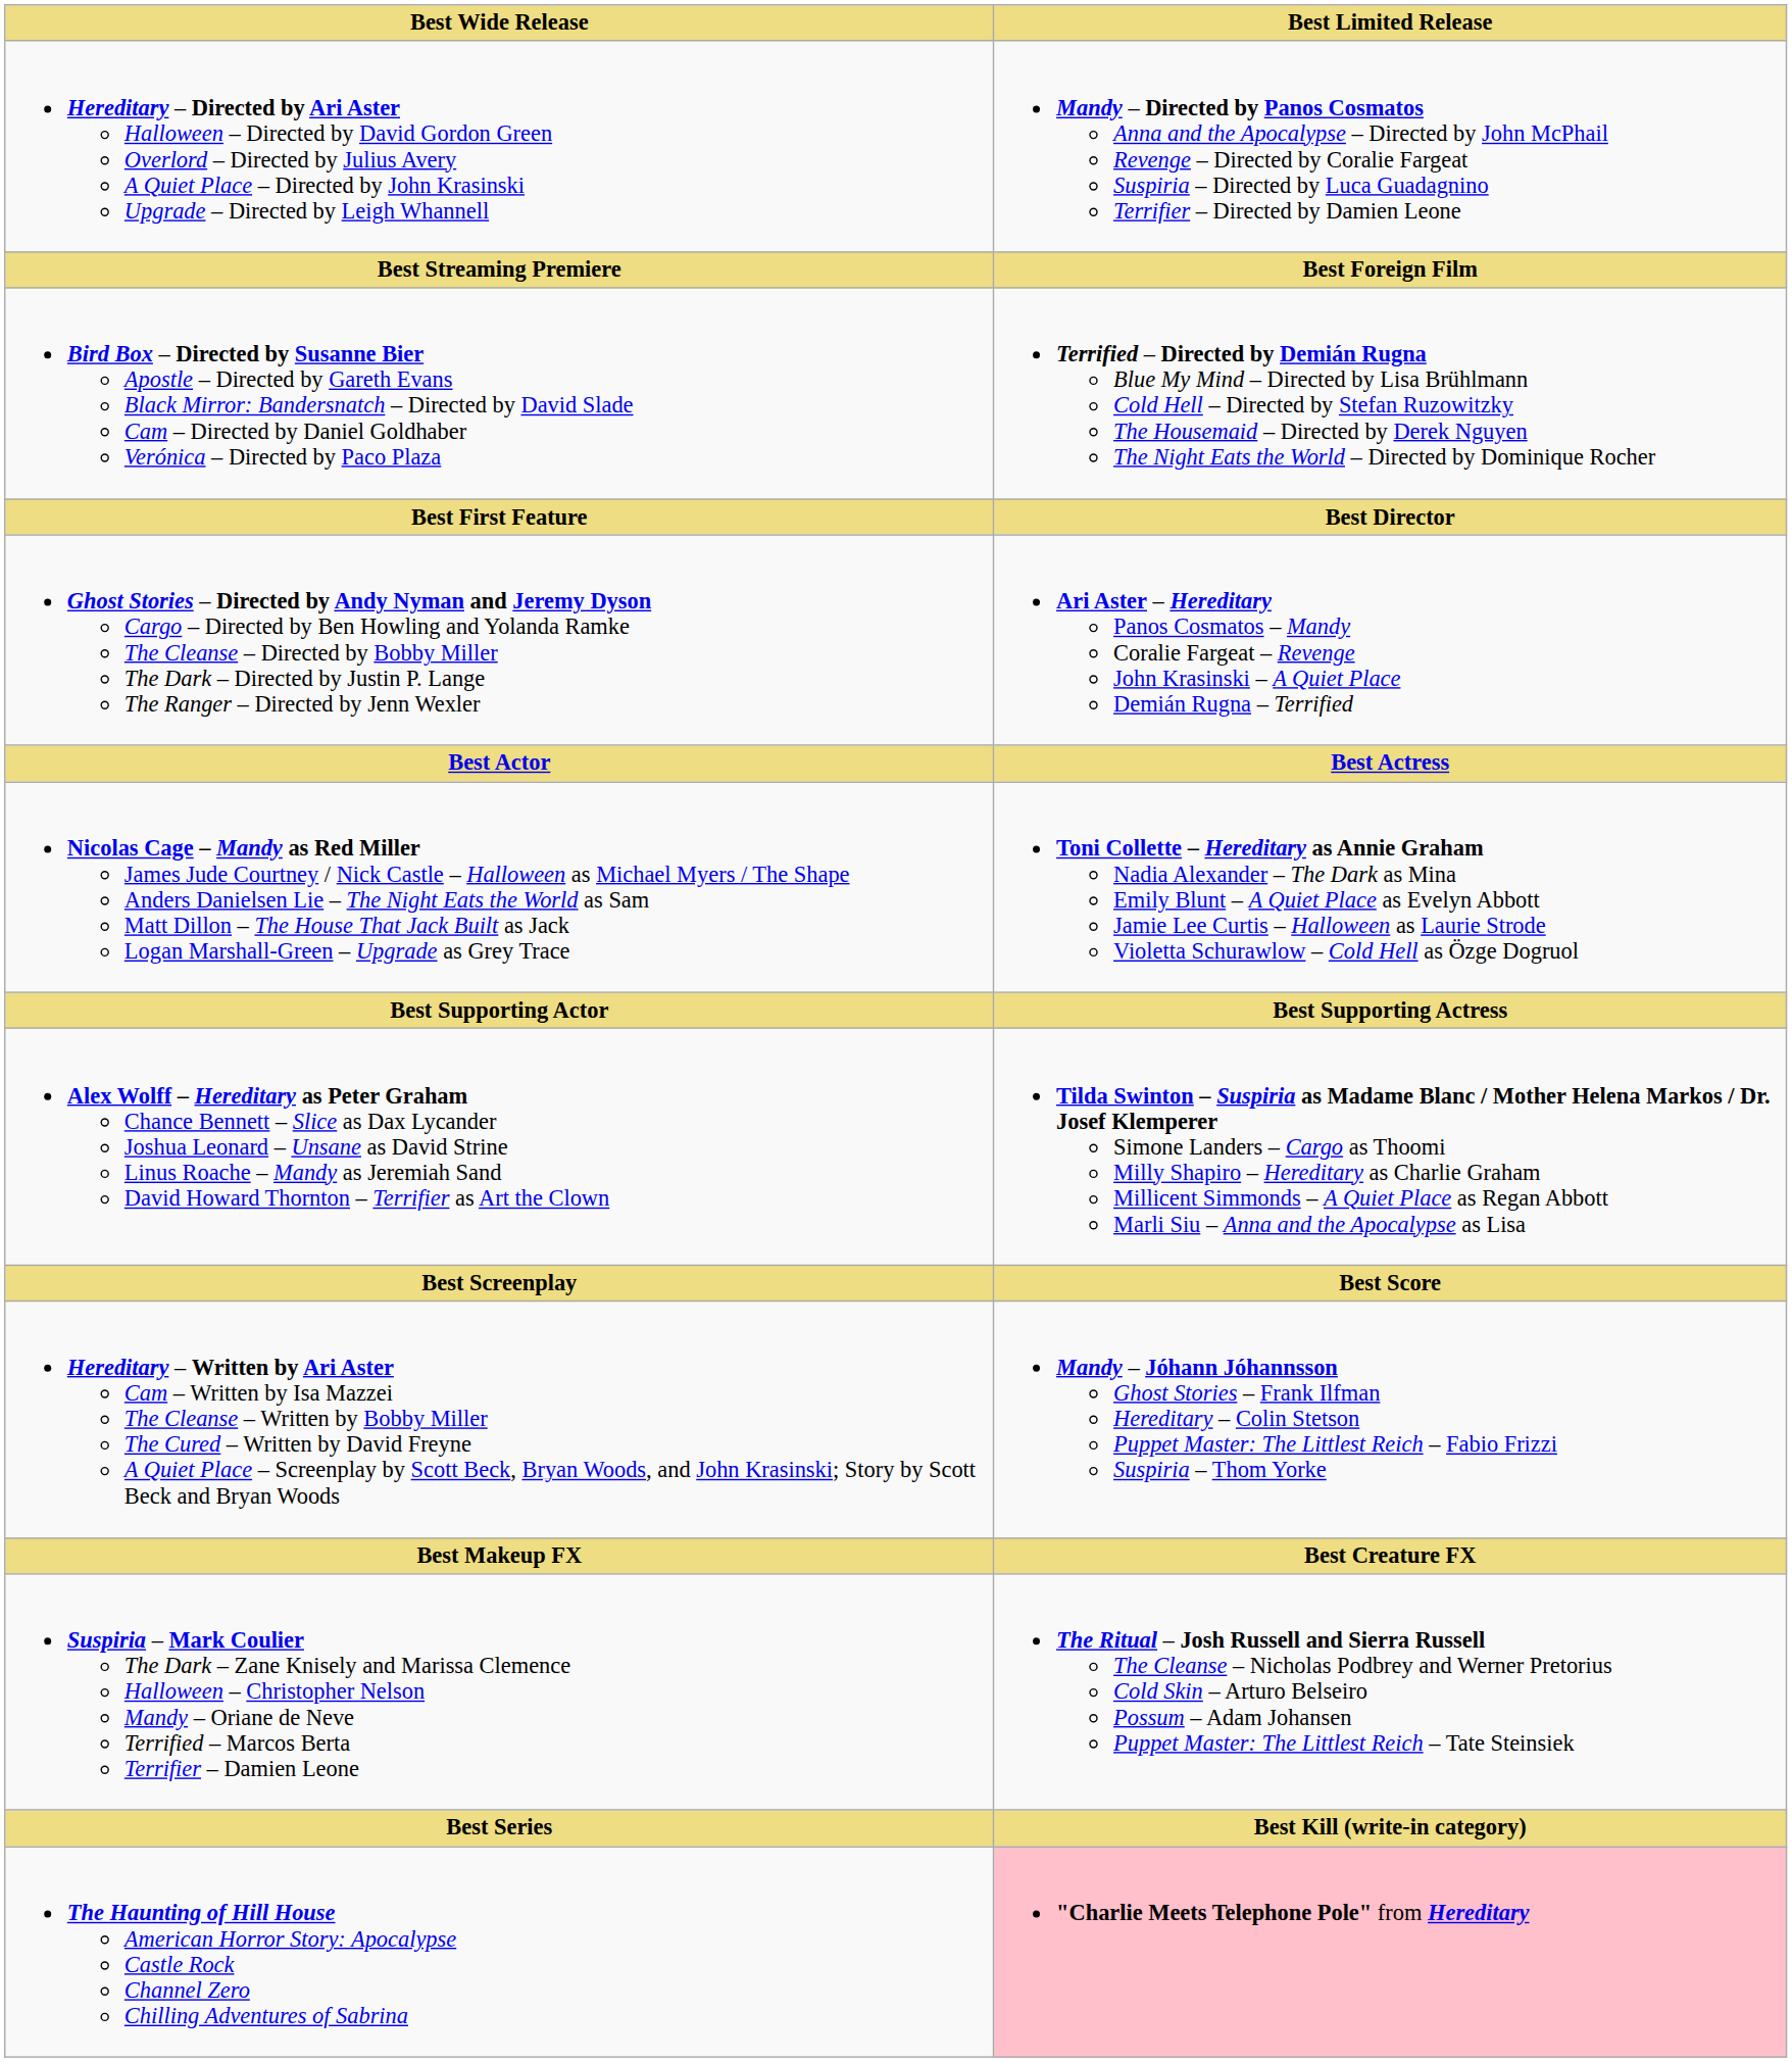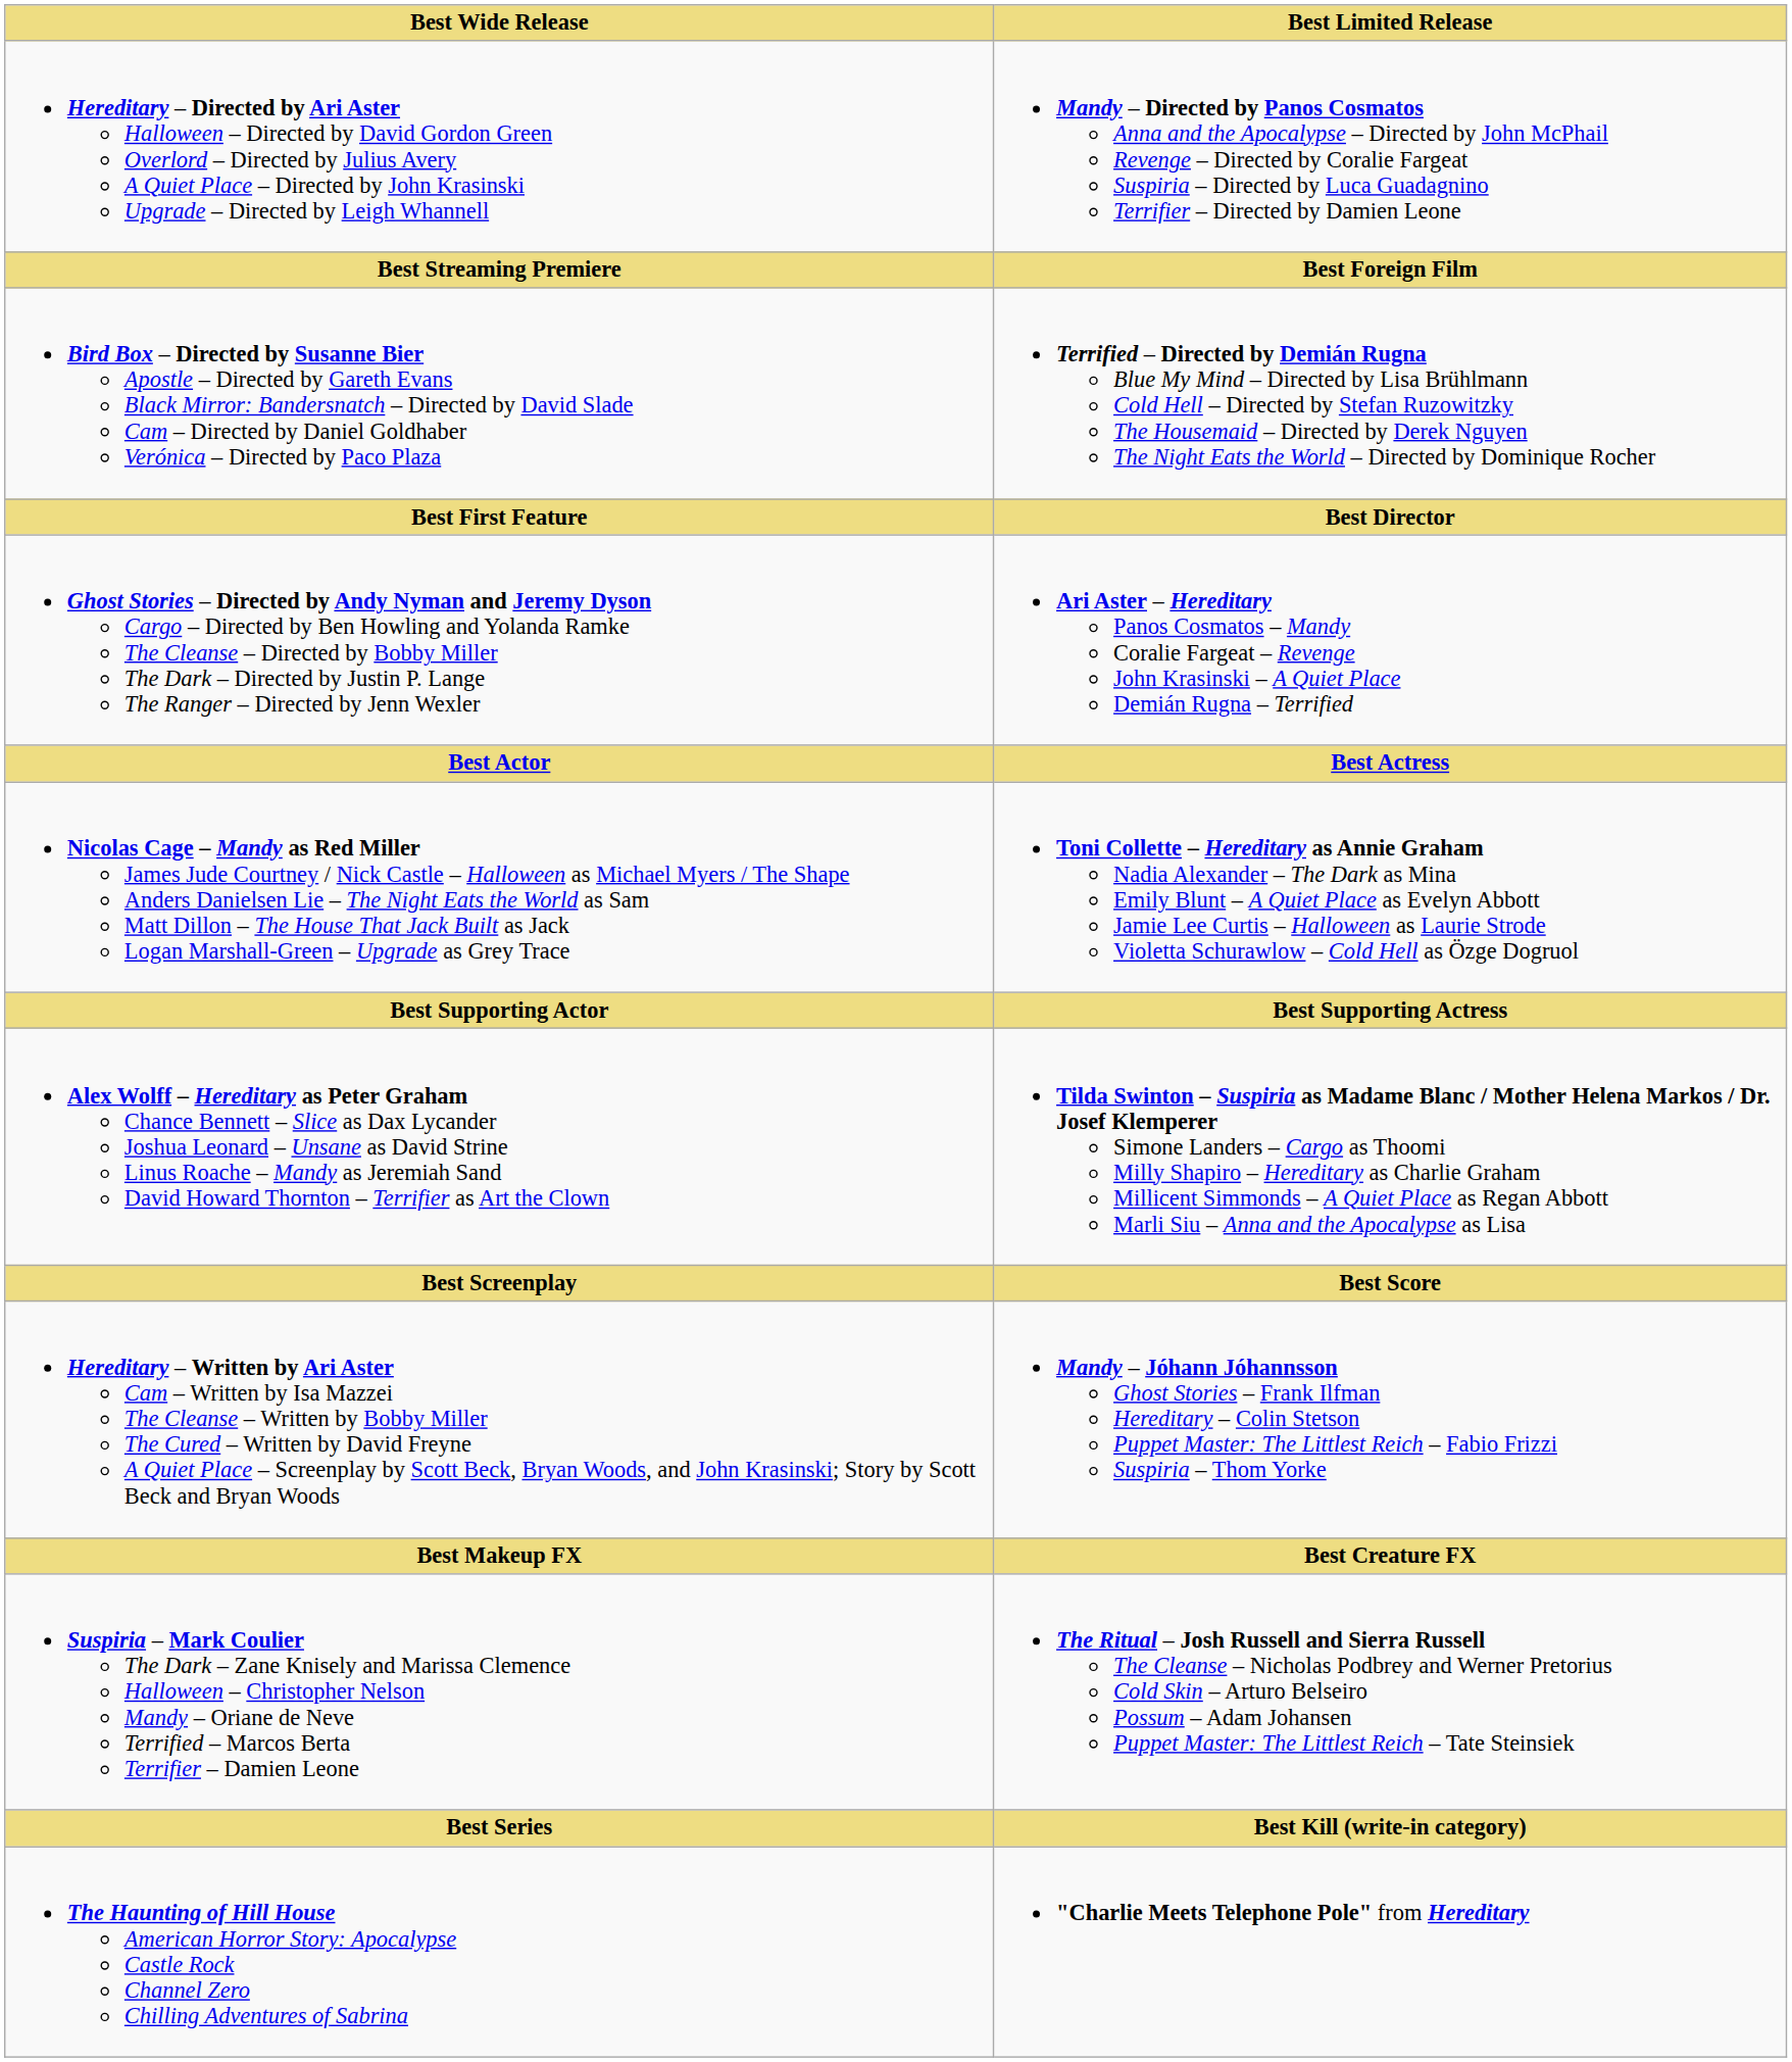 <table class=wikitable style="width="100%">
 <tr>
 <th style="background:#EEDD82">Best Wide Release</th>
 <th style="background:#EEDD82">Best Limited Release</th>
 </tr>
 <tr>
 <td valign="top"><br><ul><li><strong><em><a href='#'>Hereditary</a></em></strong> – <strong>Directed by <a href='#'>Ari Aster</a></strong><ul><li><em><a href='#'>Halloween</a></em> – Directed by <a href='#'>David Gordon Green</a></li><li><em><a href='#'>Overlord</a></em> – Directed by <a href='#'>Julius Avery</a></li><li><em><a href='#'>A Quiet Place</a></em> – Directed by <a href='#'>John Krasinski</a></li><li><em><a href='#'>Upgrade</a></em> – Directed by <a href='#'>Leigh Whannell</a></li></ul></li></ul></td>
 <td valign="top"><br><ul><li><strong><em><a href='#'>Mandy</a></em></strong> – <strong>Directed by <a href='#'>Panos Cosmatos</a></strong><ul><li><em><a href='#'>Anna and the Apocalypse</a></em> – Directed by <a href='#'>John McPhail</a></li><li><em><a href='#'>Revenge</a></em> – Directed by Coralie Fargeat</li><li><em><a href='#'>Suspiria</a></em> – Directed by <a href='#'>Luca Guadagnino</a></li><li><em><a href='#'>Terrifier</a></em> – Directed by Damien Leone</li></ul></li></ul></td>
 </tr>
 <tr>
 <th style="background:#EEDD82">Best Streaming Premiere</th>
 <th style="background:#EEDD82">Best Foreign Film</th>
 </tr>
 <tr>
 <td valign="top"><br><ul><li><strong><em><a href='#'>Bird Box</a></em></strong> – <strong>Directed by <a href='#'>Susanne Bier</a></strong><ul><li><em><a href='#'>Apostle</a></em> – Directed by <a href='#'>Gareth Evans</a></li><li><em><a href='#'>Black Mirror: Bandersnatch</a></em> – Directed by <a href='#'>David Slade</a></li><li><em><a href='#'>Cam</a></em> – Directed by Daniel Goldhaber</li><li><em><a href='#'>Verónica</a></em> – Directed by <a href='#'>Paco Plaza</a></li></ul></li></ul></td>
 <td valign="top"><br><ul><li><strong><em>Terrified</em></strong> – <strong>Directed by <a href='#'>Demián Rugna</a></strong><ul><li><em>Blue My Mind</em> – Directed by Lisa Brühlmann</li><li><em><a href='#'>Cold Hell</a></em> – Directed by <a href='#'>Stefan Ruzowitzky</a></li><li><em><a href='#'>The Housemaid</a></em> – Directed by <a href='#'>Derek Nguyen</a></li><li><em><a href='#'>The Night Eats the World</a></em> – Directed by Dominique Rocher</li></ul></li></ul></td>
 </tr>
 <tr>
 <th style="background:#EEDD82">Best First Feature</th>
 <th style="background:#EEDD82">Best Director</th>
 </tr>
 <tr>
 <td valign="top"><br><ul><li><strong><em><a href='#'>Ghost Stories</a></em></strong> – <strong>Directed by <a href='#'>Andy Nyman</a> and <a href='#'>Jeremy Dyson</a></strong><ul><li><em><a href='#'>Cargo</a></em> – Directed by Ben Howling and Yolanda Ramke</li><li><em><a href='#'>The Cleanse</a></em> – Directed by <a href='#'>Bobby Miller</a></li><li><em>The Dark</em> – Directed by Justin P. Lange</li><li><em>The Ranger</em> – Directed by Jenn Wexler</li></ul></li></ul></td>
 <td valign="top"><br><ul><li><strong><a href='#'>Ari Aster</a></strong> – <strong><em><a href='#'>Hereditary</a></em></strong><ul><li><a href='#'>Panos Cosmatos</a> – <em><a href='#'>Mandy</a></em></li><li>Coralie Fargeat – <em><a href='#'>Revenge</a></em></li><li><a href='#'>John Krasinski</a> – <em><a href='#'>A Quiet Place</a></em></li><li><a href='#'>Demián Rugna</a> – <em>Terrified</em></li></ul></li></ul></td>
 </tr>
 <tr>
 <th style="background:#EEDD82"><a href='#'>Best Actor</a></th>
 <th style="background:#EEDD82"><a href='#'>Best Actress</a></th>
 </tr>
 <tr>
 <td valign="top"><br><ul><li><strong><a href='#'>Nicolas Cage</a> – <em><a href='#'>Mandy</a></em> as Red Miller</strong><ul><li><a href='#'>James Jude Courtney</a> / <a href='#'>Nick Castle</a> – <em><a href='#'>Halloween</a></em> as <a href='#'>Michael Myers / The Shape</a></li><li><a href='#'>Anders Danielsen Lie</a> – <em><a href='#'>The Night Eats the World</a></em> as Sam</li><li><a href='#'>Matt Dillon</a> – <em><a href='#'>The House That Jack Built</a></em> as Jack</li><li><a href='#'>Logan Marshall-Green</a> – <em><a href='#'>Upgrade</a></em> as Grey Trace</li></ul></li></ul></td>
 <td valign="top"><br><ul><li><strong><a href='#'>Toni Collette</a> – <em><a href='#'>Hereditary</a></em> as Annie Graham</strong><ul><li><a href='#'>Nadia Alexander</a> – <em>The Dark</em> as Mina</li><li><a href='#'>Emily Blunt</a> – <em><a href='#'>A Quiet Place</a></em> as Evelyn Abbott</li><li><a href='#'>Jamie Lee Curtis</a> – <em><a href='#'>Halloween</a></em> as <a href='#'>Laurie Strode</a></li><li><a href='#'>Violetta Schurawlow</a> – <em><a href='#'>Cold Hell</a></em> as Özge Dogruol</li></ul></li></ul></td>
 </tr>
 <tr>
 <th style="background:#EEDD82">Best Supporting Actor</th>
 <th style="background:#EEDD82">Best Supporting Actress</th>
 </tr>
 <tr>
 <td valign="top"><br><ul><li><strong><a href='#'>Alex Wolff</a> – <em><a href='#'>Hereditary</a></em> as Peter Graham</strong><ul><li><a href='#'>Chance Bennett</a> – <em><a href='#'>Slice</a></em> as Dax Lycander</li><li><a href='#'>Joshua Leonard</a> – <em><a href='#'>Unsane</a></em> as David Strine</li><li><a href='#'>Linus Roache</a> – <em><a href='#'>Mandy</a></em> as Jeremiah Sand</li><li><a href='#'>David Howard Thornton</a> – <em><a href='#'>Terrifier</a></em> as <a href='#'>Art the Clown</a></li></ul></li></ul></td>
 <td valign="top"><br><ul><li><strong><a href='#'>Tilda Swinton</a> – <em><a href='#'>Suspiria</a></em> as Madame Blanc / Mother Helena Markos / Dr. Josef Klemperer</strong><ul><li>Simone Landers – <em><a href='#'>Cargo</a></em> as Thoomi</li><li><a href='#'>Milly Shapiro</a> – <em><a href='#'>Hereditary</a></em> as Charlie Graham</li><li><a href='#'>Millicent Simmonds</a> – <em><a href='#'>A Quiet Place</a></em> as Regan Abbott</li><li><a href='#'>Marli Siu</a> – <em><a href='#'>Anna and the Apocalypse</a></em> as Lisa</li></ul></li></ul></td>
 </tr>
 <tr>
 <th style="background:#EEDD82">Best Screenplay</th>
 <th style="background:#EEDD82">Best Score</th>
 </tr>
 <tr>
 <td valign="top"><br><ul><li><strong><em><a href='#'>Hereditary</a></em></strong> – <strong>Written by <a href='#'>Ari Aster</a></strong><ul><li><em><a href='#'>Cam</a></em> – Written by Isa Mazzei</li><li><em><a href='#'>The Cleanse</a></em> – Written by <a href='#'>Bobby Miller</a></li><li><em><a href='#'>The Cured</a></em> – Written by David Freyne</li><li><em><a href='#'>A Quiet Place</a></em> – Screenplay by <a href='#'>Scott Beck</a>, <a href='#'>Bryan Woods</a>, and <a href='#'>John Krasinski</a>; Story by Scott Beck and Bryan Woods</li></ul></li></ul></td>
 <td valign="top"><br><ul><li><strong><em><a href='#'>Mandy</a></em></strong> – <strong><a href='#'>Jóhann Jóhannsson</a></strong><ul><li><em><a href='#'>Ghost Stories</a></em> – <a href='#'>Frank Ilfman</a></li><li><em><a href='#'>Hereditary</a></em> – <a href='#'>Colin Stetson</a></li><li><em><a href='#'>Puppet Master: The Littlest Reich</a></em> – <a href='#'>Fabio Frizzi</a></li><li><em><a href='#'>Suspiria</a></em> – <a href='#'>Thom Yorke</a></li></ul></li></ul></td>
 </tr>
 <tr>
 <th style="background:#EEDD82">Best Makeup FX</th>
 <th style="background:#EEDD82">Best Creature FX</th>
 </tr>
 <tr>
 <td valign="top"><br><ul><li><strong><em><a href='#'>Suspiria</a></em></strong> – <strong><a href='#'>Mark Coulier</a></strong><ul><li><em>The Dark</em> – Zane Knisely and Marissa Clemence</li><li><em><a href='#'>Halloween</a></em> – <a href='#'>Christopher Nelson</a></li><li><em><a href='#'>Mandy</a></em> – Oriane de Neve</li><li><em>Terrified</em> – Marcos Berta</li><li><em><a href='#'>Terrifier</a></em> – Damien Leone</li></ul></li></ul></td>
 <td valign="top"><br><ul><li><strong><em><a href='#'>The Ritual</a></em></strong> – <strong>Josh Russell and Sierra Russell</strong><ul><li><em><a href='#'>The Cleanse</a></em> – Nicholas Podbrey and Werner Pretorius</li><li><em><a href='#'>Cold Skin</a></em> – Arturo Belseiro</li><li><em><a href='#'>Possum</a></em> – Adam Johansen</li><li><em><a href='#'>Puppet Master: The Littlest Reich</a></em> – Tate Steinsiek</li></ul></li></ul></td>
 </tr>
 <tr>
 <th style="background:#EEDD82">Best Series</th>
 <th style="background:#EEDD82">Best Kill (write-in category)</th>
 </tr>
 <tr>
 <td valign="top"><br><ul><li><strong><em><a href='#'>The Haunting of Hill House</a></em></strong><ul><li><em><a href='#'>American Horror Story: Apocalypse</a></em></li><li><em><a href='#'>Castle Rock</a></em></li><li><em><a href='#'>Channel Zero</a></em></li><li><em><a href='#'>Chilling Adventures of Sabrina</a></em></li></ul></li></ul></td>
-<td valign="top" style="background: pink;"><br><ul><li><strong>"Charlie Meets Telephone Pole"</strong> from <strong><em><a href='#'>Hereditary</a></em></strong></li></ul></td>
+<td valign="top"><br><ul><li><strong>"Charlie Meets Telephone Pole"</strong> from <strong><em><a href='#'>Hereditary</a></em></strong></li></ul></td>
 </tr>
 </table>
